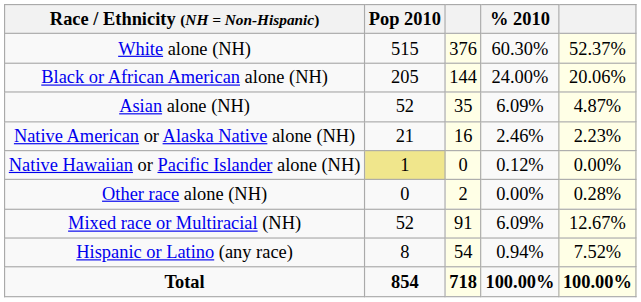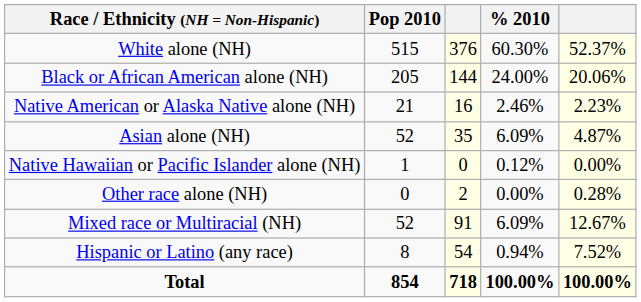 <table class="wikitable" style="text-align:center;">
 <tr>
 <th>Race / Ethnicity <small>(<em>NH = Non-Hispanic</em>)</small></th>
 <th>Pop 2010</th>
 <th></th>
 <th>% 2010</th>
 <th></th>
 </tr>
 <tr>
 <td><a href='#'>White</a> alone (NH)</td>
 <td>515</td>
 <td style='background: #ffffe6;'>376</td>
 <td>60.30%</td>
 <td style='background: #ffffe6;'>52.37%</td>
 </tr>
 <tr>
 <td><a href='#'>Black or African American</a> alone (NH)</td>
 <td>205</td>
 <td style='background: #ffffe6;'>144</td>
 <td>24.00%</td>
 <td style='background: #ffffe6;'>20.06%</td>
 </tr>
 <tr>
+<td><a href='#'>Native American</a> or <a href='#'>Alaska Native</a> alone (NH)</td>
+<td>21</td>
+<td style='background: #ffffe6;'>16</td>
+<td>2.46%</td>
+<td style='background: #ffffe6;'>2.23%</td>
+</tr>
+<tr>
 <td><a href='#'>Asian</a> alone (NH)</td>
 <td>52</td>
 <td style='background: #ffffe6;'>35</td>
 <td>6.09%</td>
 <td style='background: #ffffe6;'>4.87%</td>
 </tr>
 <tr>
-<td><a href='#'>Native American</a> or <a href='#'>Alaska Native</a> alone (NH)</td>
-<td>21</td>
-<td style='background: #ffffe6;'>16</td>
-<td>2.46%</td>
-<td style='background: #ffffe6;'>2.23%</td>
-</tr>
-<tr>
 <td><a href='#'>Native Hawaiian</a> or <a href='#'>Pacific Islander</a> alone (NH)</td>
-<td style="background: khaki;">1</td>
+<td>1</td>
 <td style='background: #ffffe6;'>0</td>
 <td>0.12%</td>
 <td style='background: #ffffe6;'>0.00%</td>
 </tr>
 <tr>
 <td><a href='#'>Other race</a> alone (NH)</td>
 <td>0</td>
 <td style='background: #ffffe6;'>2</td>
 <td>0.00%</td>
 <td style='background: #ffffe6;'>0.28%</td>
 </tr>
 <tr>
 <td><a href='#'>Mixed race or Multiracial</a> (NH)</td>
 <td>52</td>
 <td style='background: #ffffe6;'>91</td>
 <td>6.09%</td>
 <td style='background: #ffffe6;'>12.67%</td>
 </tr>
 <tr>
 <td><a href='#'>Hispanic or Latino</a> (any race)</td>
 <td>8</td>
 <td style='background: #ffffe6;'>54</td>
 <td>0.94%</td>
 <td style='background: #ffffe6;'>7.52%</td>
 </tr>
 <tr>
 <td><strong>Total</strong></td>
 <td><strong>854</strong></td>
 <td style='background: #ffffe6;'><strong>718</strong></td>
 <td><strong>100.00%</strong></td>
 <td style='background: #ffffe6;'><strong>100.00%</strong></td>
 </tr>
 </table>
